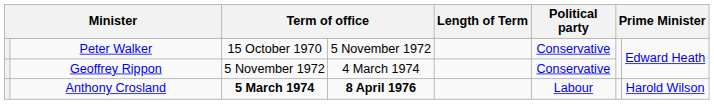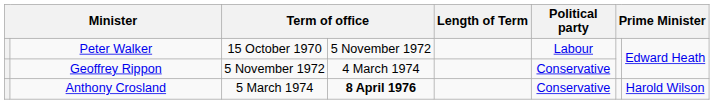 <table class="wikitable" style="text-align:center">
 <tr>
 <th colspan=2>Minister</th>
 <th colspan=2 width=240>Term of office</th>
 <th>Length of Term</th>
 <th>Political party</th>
 <th colspan=2>Prime Minister</th>
 </tr>
 <tr style="height:1em">
 <th style="background-color:"></th>
 <td width=260><a href='#'>Peter Walker</a></td>
 <td>15 October 1970</td>
 <td>5 November 1972</td>
 <td></td>
-<td width=100><a href='#'>Conservative</a></td>
+<td><a href='#'>Labour</a></td>
 <td rowspan=2 style="background-color:"></td>
 <td rowspan=2><a href='#'>Edward Heath</a></td>
 </tr>
 <tr style="height:1em">
 <th style="background-color:"></th>
 <td><a href='#'>Geoffrey Rippon</a></td>
 <td>5 November 1972</td>
 <td>4 March 1974</td>
 <td></td>
 <td><a href='#'>Conservative</a></td>
 </tr>
 <tr style="height:1em">
 <th style="background-color:"></th>
 <td><a href='#'>Anthony Crosland</a></td>
-<td><strong>5 March 1974</strong></td>
+<td>5 March 1974</td>
 <td><strong>8 April 1976</strong></td>
 <td></td>
-<td><a href='#'>Labour</a></td>
+<td width=100><a href='#'>Conservative</a></td>
 <td style="background-color:"></td>
 <td><a href='#'>Harold Wilson</a></td>
 </tr>
 </table>
